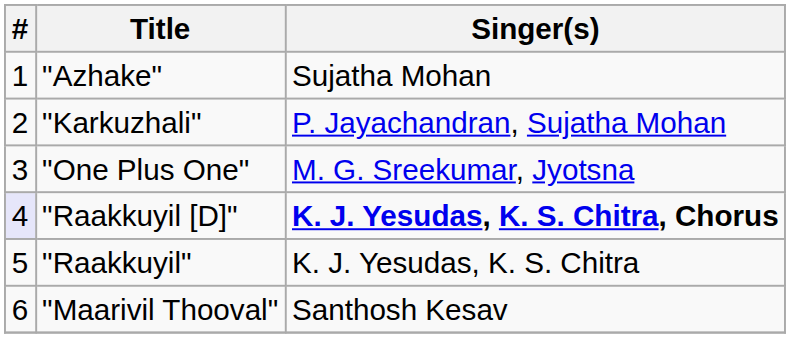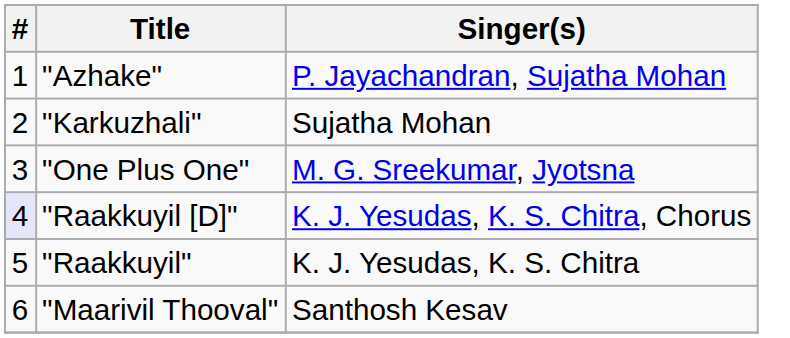 <table class="wikitable" style="font-size:95%;">
 <tr>
 <th>#</th>
 <th>Title</th>
 <th>Singer(s)</th>
 </tr>
 <tr>
 <td>1</td>
 <td>"Azhake"</td>
-<td>Sujatha Mohan</td>
+<td><a href='#'>P. Jayachandran</a>, <a href='#'>Sujatha Mohan</a></td>
 </tr>
 <tr>
 <td>2</td>
 <td>"Karkuzhali"</td>
-<td><a href='#'>P. Jayachandran</a>, <a href='#'>Sujatha Mohan</a></td>
+<td>Sujatha Mohan</td>
 </tr>
 <tr>
 <td>3</td>
 <td>"One Plus One"</td>
 <td><a href='#'>M. G. Sreekumar</a>, <a href='#'>Jyotsna</a></td>
 </tr>
 <tr>
 <td style="background: lavender;">4</td>
 <td>"Raakkuyil [D]"</td>
-<td><strong><a href='#'>K. J. Yesudas</a>, <a href='#'>K. S. Chitra</a>, Chorus</strong></td>
+<td><a href='#'>K. J. Yesudas</a>, <a href='#'>K. S. Chitra</a>, Chorus</td>
 </tr>
 <tr>
 <td>5</td>
 <td>"Raakkuyil"</td>
 <td>K. J. Yesudas, K. S. Chitra</td>
 </tr>
 <tr>
 <td>6</td>
 <td>"Maarivil Thooval"</td>
 <td>Santhosh Kesav</td>
 </tr>
 <tr>
 </tr>
 </table>
